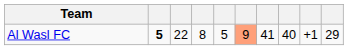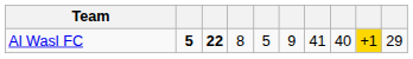 <table class="wikitable" style="text-align: center;">
 <tr>
 <th width="175">Team</th>
 <th width="20"></th>
 <th width="20"></th>
 <th width="20"></th>
 <th width="20"></th>
 <th width="20"></th>
 <th width="20"></th>
 <th width="20"></th>
 <th width="20"></th>
 <th width="20"></th>
 </tr>
 <tr>
 <td align=left> <a href='#'>Al Wasl FC</a></td>
 <td><strong>5</strong></td>
-<td>22</td>
+<td><strong>22</strong></td>
 <td>8</td>
 <td>5</td>
-<td style="background: lightsalmon;">9</td>
+<td>9</td>
 <td>41</td>
 <td>40</td>
-<td>+1</td>
+<td style="background: gold;">+1</td>
 <td>29</td>
 </tr>
 </table>
